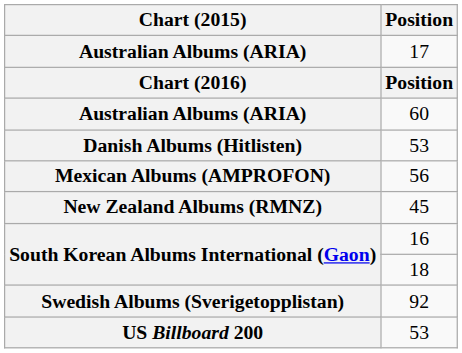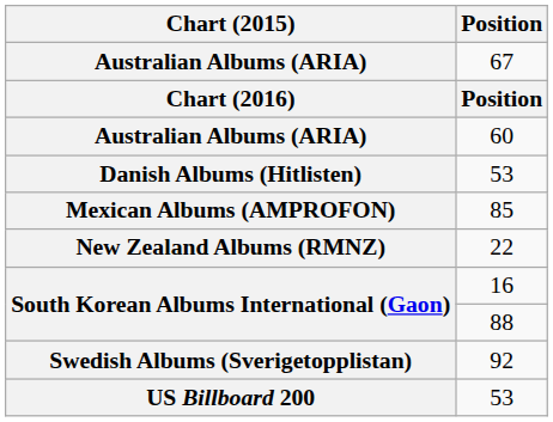 <table class="wikitable sortable plainrowheaders" style="text-align:center">
 <tr>
 <th scope="col">Chart (2015)</th>
 <th scope="col">Position</th>
 </tr>
 <tr>
 <th scope="row">Australian Albums (ARIA)</th>
-<td>17</td>
+<td>67</td>
 </tr>
 <tr>
 <th scope="col">Chart (2016)</th>
 <th scope="col">Position</th>
 </tr>
 <tr>
 <th scope="row">Australian Albums (ARIA)</th>
 <td>60</td>
 </tr>
 <tr>
 <th scope="row">Danish Albums (Hitlisten)</th>
 <td>53</td>
 </tr>
 <tr>
 <th scope="row">Mexican Albums (AMPROFON)</th>
-<td>56</td>
+<td>85</td>
 </tr>
 <tr>
 <th scope="row">New Zealand Albums (RMNZ)</th>
-<td>45</td>
+<td>22</td>
 </tr>
 <tr>
 <th scope="row" rowspan="2">South Korean Albums International (<a href='#'>Gaon</a>)</th>
 <td>16</td>
 </tr>
 <tr>
-<td>18</td>
+<td>88</td>
 </tr>
 <tr>
 <th scope="row">Swedish Albums (Sverigetopplistan)</th>
 <td>92</td>
 </tr>
 <tr>
 <th scope="row">US <em>Billboard</em> 200</th>
 <td>53</td>
 </tr>
 </table>
